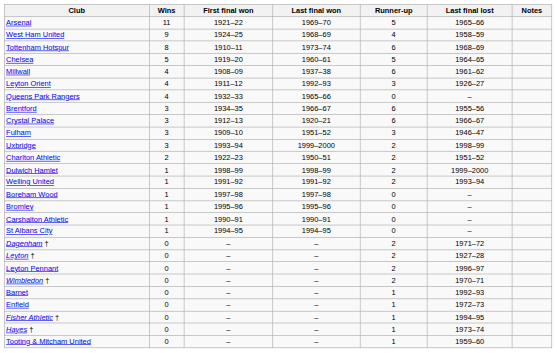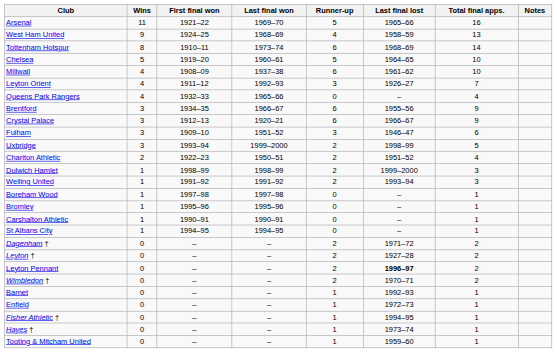 <table class="wikitable sortable" style="text-align: center; width: 100%; font-size: 12px">
 <tr>
 <th>Club</th>
 <th>Wins</th>
 <th>First final won</th>
 <th>Last final won</th>
 <th>Runner-up</th>
 <th>Last final lost</th>
+<th>Total final apps.</th>
 <th>Notes</th>
 </tr>
 <tr>
 <td style="text-align: left"><a href='#'>Arsenal</a></td>
 <td>11</td>
 <td>1921–22</td>
 <td>1969–70</td>
 <td>5</td>
 <td>1965–66</td>
+<td>16</td>
 <td></td>
 </tr>
 <tr>
 <td style="text-align: left"><a href='#'>West Ham United</a></td>
 <td>9</td>
 <td>1924–25</td>
 <td>1968–69</td>
 <td>4</td>
 <td>1958–59</td>
+<td>13</td>
 <td></td>
 </tr>
 <tr>
 <td style="text-align: left"><a href='#'>Tottenham Hotspur</a></td>
 <td>8</td>
 <td>1910–11</td>
 <td>1973–74</td>
 <td>6</td>
 <td>1968–69</td>
+<td>14</td>
 <td></td>
 </tr>
 <tr>
 <td style="text-align: left"><a href='#'>Chelsea</a></td>
 <td>5</td>
 <td>1919–20</td>
 <td>1960–61</td>
 <td>5</td>
 <td>1964–65</td>
+<td>10</td>
 <td></td>
 </tr>
 <tr>
 <td style="text-align: left"><a href='#'>Millwall</a></td>
 <td>4</td>
 <td>1908–09</td>
 <td>1937–38</td>
 <td>6</td>
 <td>1961–62</td>
+<td>10</td>
 <td></td>
 </tr>
 <tr>
 <td style="text-align: left"><a href='#'>Leyton Orient</a></td>
 <td>4</td>
 <td>1911–12</td>
 <td>1992–93</td>
 <td>3</td>
 <td>1926–27</td>
+<td>7</td>
 <td></td>
 </tr>
 <tr>
 <td style="text-align: left"><a href='#'>Queens Park Rangers</a></td>
 <td>4</td>
 <td>1932–33</td>
 <td>1965–66</td>
 <td>0</td>
 <td>–</td>
+<td>4</td>
 <td></td>
 </tr>
 <tr>
 <td style="text-align: left"><a href='#'>Brentford</a></td>
 <td>3</td>
 <td>1934–35</td>
 <td>1966–67</td>
 <td>6</td>
 <td>1955–56</td>
+<td>9</td>
 <td></td>
 </tr>
 <tr>
 <td style="text-align: left"><a href='#'>Crystal Palace</a></td>
 <td>3</td>
 <td>1912–13</td>
 <td>1920–21</td>
 <td>6</td>
 <td>1966–67</td>
+<td>9</td>
 <td></td>
 </tr>
 <tr>
 <td style="text-align: left"><a href='#'>Fulham</a></td>
 <td>3</td>
 <td>1909–10</td>
 <td>1951–52</td>
 <td>3</td>
 <td>1946–47</td>
+<td>6</td>
 <td></td>
 </tr>
 <tr>
 <td style="text-align: left"><a href='#'>Uxbridge</a></td>
 <td>3</td>
 <td>1993–94</td>
 <td>1999–2000</td>
 <td>2</td>
 <td>1998–99</td>
+<td>5</td>
 <td></td>
 </tr>
 <tr>
 <td style="text-align: left"><a href='#'>Charlton Athletic</a></td>
 <td>2</td>
 <td>1922–23</td>
 <td>1950–51</td>
 <td>2</td>
 <td>1951–52</td>
+<td>4</td>
 <td></td>
 </tr>
 <tr>
 <td style="text-align: left"><a href='#'>Dulwich Hamlet</a></td>
 <td>1</td>
 <td>1998–99</td>
 <td>1998–99</td>
 <td>2</td>
 <td>1999–2000</td>
+<td>3</td>
 <td></td>
 </tr>
 <tr>
 <td style="text-align: left"><a href='#'>Welling United</a></td>
 <td>1</td>
 <td>1991–92</td>
 <td>1991–92</td>
 <td>2</td>
 <td>1993–94</td>
+<td>3</td>
 <td></td>
 </tr>
 <tr>
 <td style="text-align: left"><a href='#'>Boreham Wood</a></td>
 <td>1</td>
 <td>1997–98</td>
 <td>1997–98</td>
 <td>0</td>
 <td>–</td>
+<td>1</td>
 <td></td>
 </tr>
 <tr>
 <td style="text-align: left"><a href='#'>Bromley</a></td>
 <td>1</td>
 <td>1995–96</td>
 <td>1995–96</td>
 <td>0</td>
 <td>–</td>
+<td>1</td>
 <td></td>
 </tr>
 <tr>
 <td style="text-align: left"><a href='#'>Carshalton Athletic</a></td>
 <td>1</td>
 <td>1990–91</td>
 <td>1990–91</td>
 <td>0</td>
 <td>–</td>
+<td>1</td>
 <td></td>
 </tr>
 <tr>
 <td style="text-align: left"><a href='#'>St Albans City</a></td>
 <td>1</td>
 <td>1994–95</td>
 <td>1994–95</td>
 <td>0</td>
 <td>–</td>
+<td>1</td>
 <td></td>
 </tr>
 <tr>
 <td style="text-align: left"><em><a href='#'>Dagenham</a></em> †</td>
 <td>0</td>
 <td>–</td>
 <td>–</td>
 <td>2</td>
 <td>1971–72</td>
+<td>2</td>
 <td></td>
 </tr>
 <tr>
 <td style="text-align: left"><em><a href='#'>Leyton</a></em> †</td>
 <td>0</td>
 <td>–</td>
 <td>–</td>
 <td>2</td>
 <td>1927–28</td>
+<td>2</td>
 <td></td>
 </tr>
 <tr>
 <td style="text-align: left"><a href='#'>Leyton Pennant</a></td>
 <td>0</td>
 <td>–</td>
 <td>–</td>
 <td>2</td>
-<td>1996–97</td>
+<td><strong>1996–97</strong></td>
+<td>2</td>
 <td></td>
 </tr>
 <tr>
 <td style="text-align: left"><em><a href='#'>Wimbledon</a></em> †</td>
 <td>0</td>
 <td>–</td>
 <td>–</td>
 <td>2</td>
 <td>1970–71</td>
+<td>2</td>
 <td></td>
 </tr>
 <tr>
 <td style="text-align: left"><a href='#'>Barnet</a></td>
 <td>0</td>
 <td>–</td>
 <td>–</td>
 <td>1</td>
 <td>1992–93</td>
+<td>1</td>
 <td></td>
 </tr>
 <tr>
 <td style="text-align: left"><a href='#'>Enfield</a></td>
 <td>0</td>
 <td>–</td>
 <td>–</td>
 <td>1</td>
 <td>1972–73</td>
+<td>1</td>
 <td></td>
 </tr>
 <tr>
 <td style="text-align: left"><em><a href='#'>Fisher Athletic</a></em> †</td>
 <td>0</td>
 <td>–</td>
 <td>–</td>
 <td>1</td>
 <td>1994–95</td>
+<td>1</td>
 <td></td>
 </tr>
 <tr>
 <td style="text-align: left"><em><a href='#'>Hayes</a></em> †</td>
 <td>0</td>
 <td>–</td>
 <td>–</td>
 <td>1</td>
 <td>1973–74</td>
+<td>1</td>
 <td></td>
 </tr>
 <tr>
 <td style="text-align: left"><a href='#'>Tooting & Mitcham United</a></td>
 <td>0</td>
 <td>–</td>
 <td>–</td>
 <td>1</td>
 <td>1959–60</td>
+<td>1</td>
 <td></td>
 </tr>
 </table>
